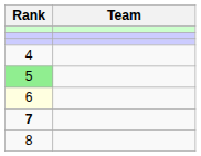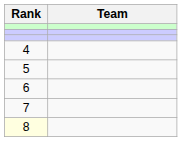 <table class="wikitable" style="text-align: center;">
 <tr>
 <th width=50>Rank</th>
 <th width=162>Team</th>
 </tr>
 <tr bgcolor=#cfc>
 <td></td>
 <td align=left></td>
 </tr>
 <tr bgcolor=#ccf>
 <td></td>
 <td align=left></td>
 </tr>
 <tr bgcolor=#ccf>
 <td></td>
 <td align=left></td>
 </tr>
 <tr>
 <td>4</td>
 <td align=left></td>
 </tr>
 <tr>
-<td style="background: lightgreen;">5</td>
+<td>5</td>
 <td align=left></td>
 </tr>
 <tr>
-<td style="background: lightyellow;">6</td>
+<td>6</td>
 <td align=left></td>
 </tr>
 <tr>
-<td><strong>7</strong></td>
+<td>7</td>
 <td align=left></td>
 </tr>
 <tr>
-<td>8</td>
+<td style="background: lightyellow;">8</td>
 <td align=left></td>
 </tr>
 </table>
